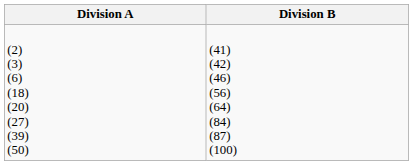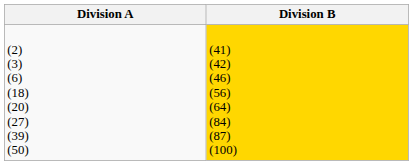 <table class="wikitable" width="40%">
 <tr>
 <th width="50%">Division A</th>
 <th width="50%">Division B</th>
 </tr>
 <tr>
 <td><br> (2)<br>   (3)<br>   (6)<br>   (18)<br>   (20)<br>   (27)<br>   (39)<br>  (50)<br></td>
-<td><br> (41)<br>   (42)<br>   (46)<br>    (56)<br>   (64)<br>   (84)<br>   (87)<br>   (100)<br></td>
+<td style="background: gold;"><br> (41)<br>   (42)<br>   (46)<br>    (56)<br>   (64)<br>   (84)<br>   (87)<br>   (100)<br></td>
 </tr>
 </table>
